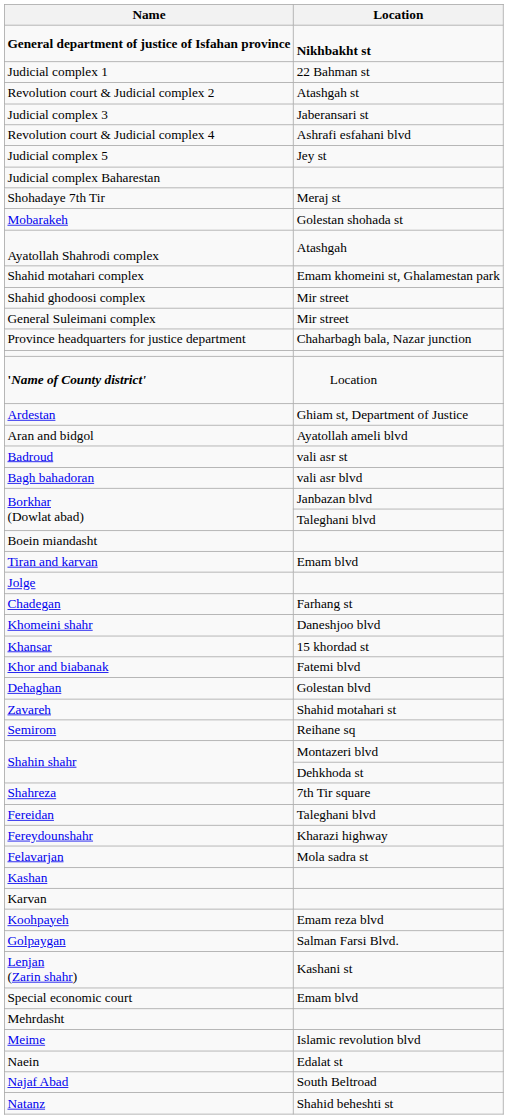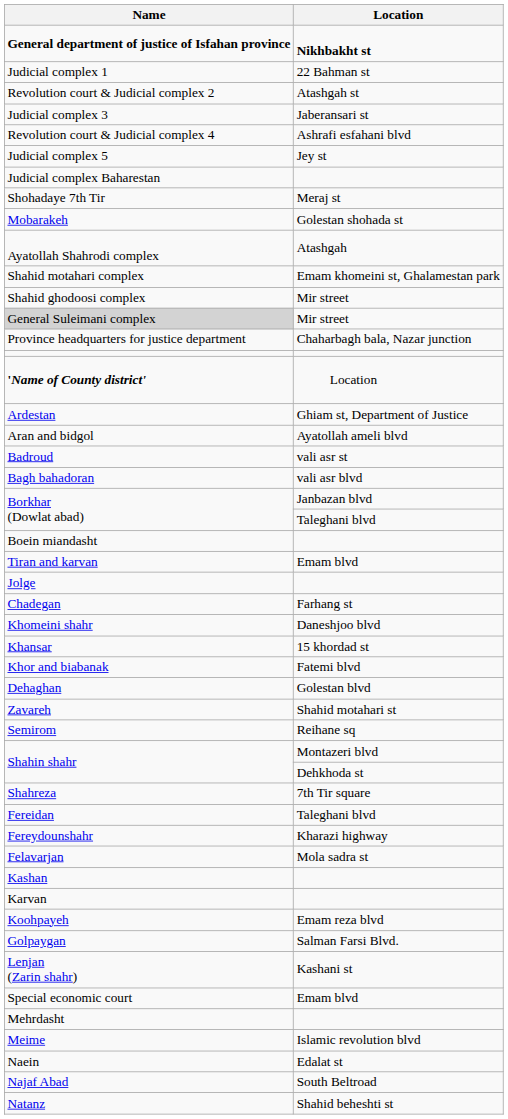 <table class="wikitable">
 <tr>
 <th>Name</th>
 <th>Location</th>
 </tr>
 <tr>
 <td><strong>General department of justice of Isfahan province</strong></td>
 <td><br><strong>Nikhbakht st</strong></td>
 </tr>
 <tr>
 <td>Judicial complex  1</td>
 <td>22 Bahman st</td>
 </tr>
 <tr>
 <td>Revolution court & Judicial complex  2</td>
 <td>Atashgah st</td>
 </tr>
 <tr>
 <td>Judicial complex  3</td>
 <td>Jaberansari st</td>
 </tr>
 <tr>
 <td>Revolution court & Judicial complex  4</td>
 <td>Ashrafi esfahani blvd</td>
 </tr>
 <tr>
 <td>Judicial complex  5</td>
 <td>Jey st</td>
 </tr>
 <tr>
 <td>Judicial complex  Baharestan</td>
 <td></td>
 </tr>
 <tr>
 <td>Shohadaye 7th Tir</td>
 <td>Meraj st</td>
 </tr>
 <tr>
 <td><a href='#'>Mobarakeh</a></td>
 <td>Golestan shohada st</td>
 </tr>
 <tr>
 <td><br>Ayatollah Shahrodi complex</td>
 <td>Atashgah</td>
 </tr>
 <tr>
 <td>Shahid motahari complex</td>
 <td>Emam khomeini st, Ghalamestan park</td>
 </tr>
 <tr>
 <td>Shahid ghodoosi complex</td>
 <td>Mir street</td>
 </tr>
 <tr>
-<td>General Suleimani complex</td>
+<td style="background: lightgrey;">General Suleimani complex</td>
 <td>Mir street</td>
 </tr>
 <tr>
 <td>Province headquarters for justice department</td>
 <td>Chaharbagh bala, Nazar junction</td>
 </tr>
 <tr>
 <td></td>
 <td></td>
 </tr>
 <tr>
 <td><strong>'<em>Name of County district'<strong><em></td>
 <td><blockquote></strong>Location<strong></blockquote></td>
 </tr>
 <tr>
 <td><a href='#'>Ardestan</a></td>
 <td>Ghiam st, Department of Justice</td>
 </tr>
 <tr>
 <td>Aran and bidgol</td>
 <td>Ayatollah ameli blvd</td>
 </tr>
 <tr>
 <td><a href='#'>Badroud</a></td>
 <td>vali asr st</td>
 </tr>
 <tr>
 <td><a href='#'>Bagh bahadoran</a></td>
 <td>vali asr blvd</td>
 </tr>
 <tr>
 <td rowspan="2"><a href='#'>Borkhar</a><br>(Dowlat abad)</td>
 <td>Janbazan blvd</td>
 </tr>
 <tr>
 <td>Taleghani blvd</td>
 </tr>
 <tr>
 <td>Boein miandasht</td>
 <td></td>
 </tr>
 <tr>
 <td><a href='#'>Tiran and karvan</a></td>
 <td>Emam blvd</td>
 </tr>
 <tr>
 <td><a href='#'>Jolge</a></td>
 <td></td>
 </tr>
 <tr>
 <td><a href='#'>Chadegan</a></td>
 <td>Farhang st</td>
 </tr>
 <tr>
 <td><a href='#'>Khomeini shahr</a></td>
 <td>Daneshjoo blvd</td>
 </tr>
 <tr>
 <td><a href='#'>Khansar</a></td>
 <td>15 khordad st</td>
 </tr>
 <tr>
 <td><a href='#'>Khor and biabanak</a></td>
 <td>Fatemi blvd</td>
 </tr>
 <tr>
 <td><a href='#'>Dehaghan</a></td>
 <td>Golestan blvd</td>
 </tr>
 <tr>
 <td><a href='#'>Zavareh</a></td>
 <td>Shahid motahari st</td>
 </tr>
 <tr>
 <td><a href='#'>Semirom</a></td>
 <td>Reihane sq</td>
 </tr>
 <tr>
 <td rowspan="2"><a href='#'>Shahin shahr</a></td>
 <td></em>Montazeri blvd<em></td>
 </tr>
 <tr>
 <td>Dehkhoda st</td>
 </tr>
 <tr>
 <td><a href='#'>Shahreza</a></td>
 <td>7th Tir square</td>
 </tr>
 <tr>
 <td><a href='#'>Fereidan</a></td>
 <td>Taleghani blvd</td>
 </tr>
 <tr>
 <td><a href='#'>Fereydounshahr</a></td>
 <td>Kharazi highway</td>
 </tr>
 <tr>
 <td><a href='#'>Felavarjan</a></td>
 <td>Mola sadra st</td>
 </tr>
 <tr>
 <td><a href='#'>Kashan</a></td>
 <td></td>
 </tr>
 <tr>
 <td>Karvan</td>
 <td></td>
 </tr>
 <tr>
 <td><a href='#'>Koohpayeh</a></td>
 <td>Emam reza blvd</td>
 </tr>
 <tr>
 <td><a href='#'>Golpaygan</a></td>
 <td>Salman Farsi Blvd.</td>
 </tr>
 <tr>
 <td><a href='#'>Lenjan</a><br>(<a href='#'>Zarin shahr</a>)</td>
 <td>Kashani st</td>
 </tr>
 <tr>
 <td>Special economic court</td>
 <td>Emam blvd</td>
 </tr>
 <tr>
 <td>Mehrdasht</td>
 <td></td>
 </tr>
 <tr>
 <td><a href='#'>Meime</a></td>
 <td>Islamic revolution blvd</td>
 </tr>
 <tr>
 <td>Naein</td>
 <td>Edalat st</td>
 </tr>
 <tr>
 <td><a href='#'>Najaf Abad</a></td>
 <td>South Beltroad</td>
 </tr>
 <tr>
 <td><a href='#'>Natanz</a></td>
 <td>Shahid beheshti st</td>
 </tr>
 </table>
